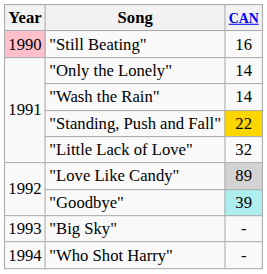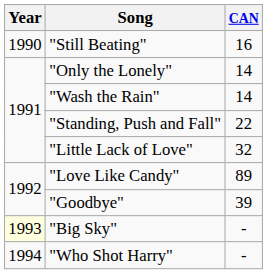 <table class="wikitable">
 <tr>
 <th>Year</th>
 <th>Song</th>
 <th><small><a href='#'>CAN</a></small></th>
 </tr>
 <tr>
-<td style="background: pink;">1990</td>
+<td>1990</td>
 <td>"Still Beating"</td>
 <td align="center">16</td>
 </tr>
 <tr>
 <td rowspan="4">1991</td>
 <td>"Only the Lonely"</td>
 <td align="center">14</td>
 </tr>
 <tr>
 <td>"Wash the Rain"</td>
 <td align="center">14</td>
 </tr>
 <tr>
 <td>"Standing, Push and Fall"</td>
-<td align="center" style="background: gold;">22</td>
+<td align="center">22</td>
 </tr>
 <tr>
 <td>"Little Lack of Love"</td>
 <td align="center">32</td>
 </tr>
 <tr>
 <td rowspan="2">1992</td>
 <td>"Love Like Candy"</td>
-<td align="center" style="background: lightgrey;">89</td>
+<td align="center">89</td>
 </tr>
 <tr>
 <td>"Goodbye"</td>
-<td align="center" style="background: paleturquoise;">39</td>
+<td align="center">39</td>
 </tr>
 <tr>
-<td>1993</td>
+<td style="background: lightyellow;">1993</td>
 <td>"Big Sky"</td>
 <td align="center">-</td>
 </tr>
 <tr>
 <td>1994</td>
 <td>"Who Shot Harry"</td>
 <td align="center">-</td>
 </tr>
 </table>
